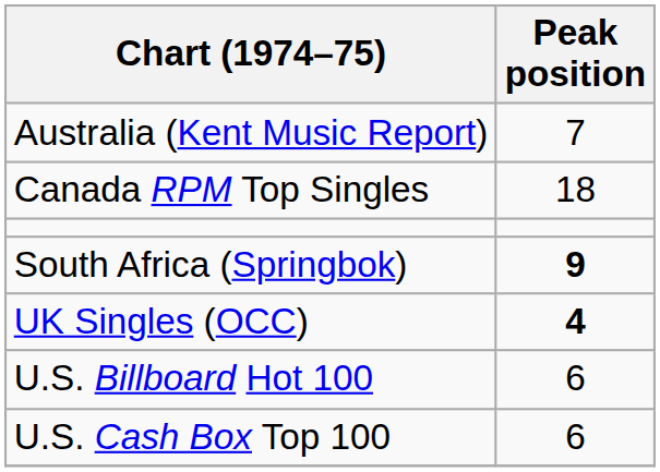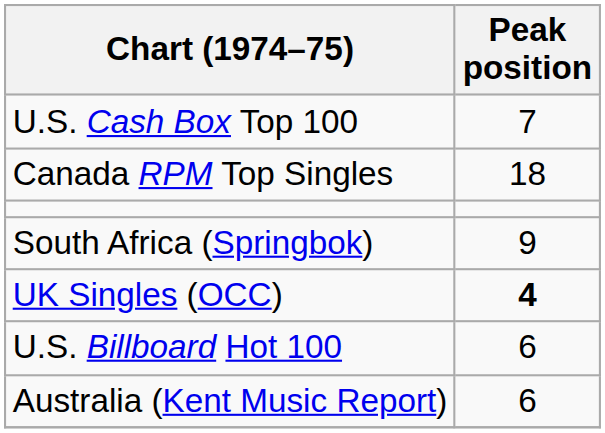 <table class="wikitable sortable">
 <tr>
 <th>Chart (1974–75)</th>
 <th>Peak<br>position</th>
 </tr>
 <tr>
-<td>Australia (<a href='#'>Kent Music Report</a>)</td>
+<td>U.S. <a href='#'><em>Cash Box</em></a> Top 100</td>
 <td style="text-align:center;">7</td>
 </tr>
 <tr>
 <td>Canada <em><a href='#'>RPM</a></em> Top Singles</td>
 <td style="text-align:center;">18</td>
 </tr>
 <tr>
 <td></td>
 </tr>
 <tr>
 <td>South Africa (<a href='#'>Springbok</a>)</td>
-<td align="center"><strong>9</strong></td>
+<td align="center">9</td>
 </tr>
 <tr>
 <td><a href='#'>UK Singles</a> (<a href='#'>OCC</a>)</td>
 <td style="text-align:center;"><strong>4</strong></td>
 </tr>
 <tr>
 <td>U.S. <em><a href='#'>Billboard</a></em> <a href='#'>Hot 100</a></td>
 <td style="text-align:center;">6</td>
 </tr>
 <tr>
-<td>U.S. <a href='#'><em>Cash Box</em></a> Top 100</td>
+<td>Australia (<a href='#'>Kent Music Report</a>)</td>
 <td align="center">6</td>
 </tr>
 <tr>
 </tr>
 </table>
